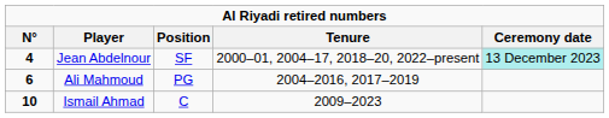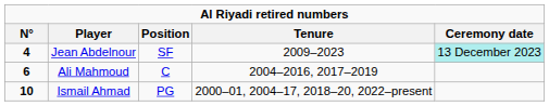 <table class="wikitable sortable" style="text-align:center">
 <tr>
 <td colspan="5"><strong>Al Riyadi retired numbers</strong></td>
 </tr>
 <tr>
 <th>N°</th>
 <th>Player</th>
 <th>Position</th>
 <th>Tenure</th>
 <th>Ceremony date</th>
 </tr>
 <tr>
 <td width=50><strong>4</strong></td>
 <td><a href='#'>Jean Abdelnour</a></td>
 <td><a href='#'>SF</a></td>
-<td>2000–01, 2004–17, 2018–20, 2022–present</td>
+<td>2009–2023</td>
 <td style="background: paleturquoise;">13 December 2023</td>
 </tr>
 <tr>
 <td width=50><strong>6</strong></td>
 <td><a href='#'>Ali Mahmoud</a></td>
-<td><a href='#'>PG</a></td>
+<td><a href='#'>C</a></td>
 <td>2004–2016, 2017–2019</td>
 <td></td>
 </tr>
 <tr>
 <td><strong>10</strong></td>
 <td><a href='#'>Ismail Ahmad</a></td>
-<td><a href='#'>C</a></td>
-<td>2009–2023</td>
+<td><a href='#'>PG</a></td>
+<td>2000–01, 2004–17, 2018–20, 2022–present</td>
 <td></td>
 </tr>
 </table>
